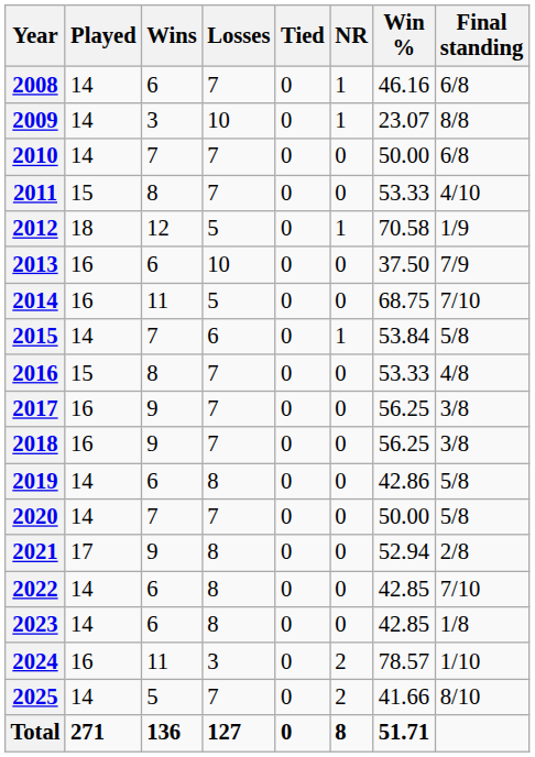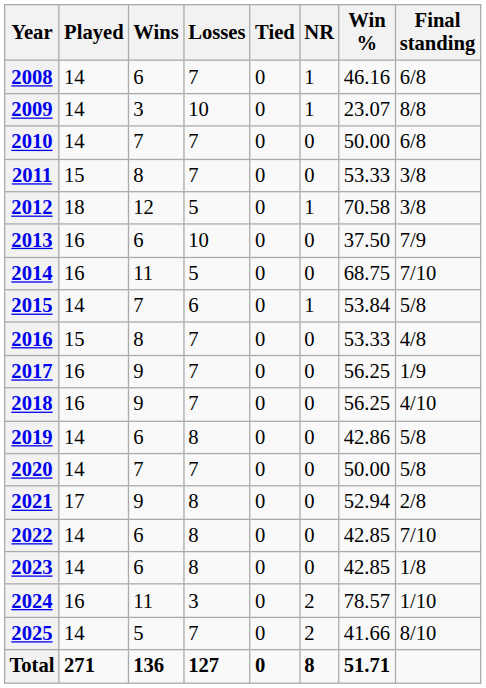 <table class="wikitable" style="width:14%;">
 <tr>
 <th>Year</th>
 <th>Played</th>
 <th>Wins</th>
 <th>Losses</th>
 <th>Tied</th>
 <th>NR</th>
 <th>Win %</th>
 <th>Final standing</th>
 </tr>
 <tr>
 <th><a href='#'>2008</a></th>
 <td>14</td>
 <td>6</td>
 <td>7</td>
 <td>0</td>
 <td>1</td>
 <td>46.16</td>
 <td>6/8</td>
 </tr>
 <tr>
 <th><a href='#'>2009</a></th>
 <td>14</td>
 <td>3</td>
 <td>10</td>
 <td>0</td>
 <td>1</td>
 <td>23.07</td>
 <td>8/8</td>
 </tr>
 <tr>
 <th><a href='#'>2010</a></th>
 <td>14</td>
 <td>7</td>
 <td>7</td>
 <td>0</td>
 <td>0</td>
 <td>50.00</td>
 <td>6/8</td>
 </tr>
 <tr>
 <th><a href='#'>2011</a></th>
 <td>15</td>
 <td>8</td>
 <td>7</td>
 <td>0</td>
 <td>0</td>
 <td>53.33</td>
-<td>4/10</td>
+<td>3/8</td>
 </tr>
 <tr>
 <th><a href='#'>2012</a></th>
 <td>18</td>
 <td>12</td>
 <td>5</td>
 <td>0</td>
 <td>1</td>
 <td>70.58</td>
-<td>1/9</td>
+<td>3/8</td>
 </tr>
 <tr>
 <th><a href='#'>2013</a></th>
 <td>16</td>
 <td>6</td>
 <td>10</td>
 <td>0</td>
 <td>0</td>
 <td>37.50</td>
 <td>7/9</td>
 </tr>
 <tr>
 <th><a href='#'>2014</a></th>
 <td>16</td>
 <td>11</td>
 <td>5</td>
 <td>0</td>
 <td>0</td>
 <td>68.75</td>
 <td>7/10</td>
 </tr>
 <tr>
 <th><a href='#'>2015</a></th>
 <td>14</td>
 <td>7</td>
 <td>6</td>
 <td>0</td>
 <td>1</td>
 <td>53.84</td>
 <td>5/8</td>
 </tr>
 <tr>
 <th><a href='#'>2016</a></th>
 <td>15</td>
 <td>8</td>
 <td>7</td>
 <td>0</td>
 <td>0</td>
 <td>53.33</td>
 <td>4/8</td>
 </tr>
 <tr>
 <th><a href='#'>2017</a></th>
 <td>16</td>
 <td>9</td>
 <td>7</td>
 <td>0</td>
 <td>0</td>
 <td>56.25</td>
-<td>3/8</td>
+<td>1/9</td>
 </tr>
 <tr>
 <th><a href='#'>2018</a></th>
 <td>16</td>
 <td>9</td>
 <td>7</td>
 <td>0</td>
 <td>0</td>
 <td>56.25</td>
-<td>3/8</td>
+<td>4/10</td>
 </tr>
 <tr>
 <th><a href='#'>2019</a></th>
 <td>14</td>
 <td>6</td>
 <td>8</td>
 <td>0</td>
 <td>0</td>
 <td>42.86</td>
 <td>5/8</td>
 </tr>
 <tr>
 <th><a href='#'>2020</a></th>
 <td>14</td>
 <td>7</td>
 <td>7</td>
 <td>0</td>
 <td>0</td>
 <td>50.00</td>
 <td>5/8</td>
 </tr>
 <tr>
 <th><a href='#'>2021</a></th>
 <td>17</td>
 <td>9</td>
 <td>8</td>
 <td>0</td>
 <td>0</td>
 <td>52.94</td>
 <td>2/8</td>
 </tr>
 <tr>
 <th><a href='#'>2022</a></th>
 <td>14</td>
 <td>6</td>
 <td>8</td>
 <td>0</td>
 <td>0</td>
 <td>42.85</td>
 <td>7/10</td>
 </tr>
 <tr>
 <th><a href='#'>2023</a></th>
 <td>14</td>
 <td>6</td>
 <td>8</td>
 <td>0</td>
 <td>0</td>
 <td>42.85</td>
 <td>1/8</td>
 </tr>
 <tr>
 <th><a href='#'>2024</a></th>
 <td>16</td>
 <td>11</td>
 <td>3</td>
 <td>0</td>
 <td>2</td>
 <td>78.57</td>
 <td>1/10</td>
 </tr>
 <tr>
 <th><a href='#'>2025</a></th>
 <td>14</td>
 <td>5</td>
 <td>7</td>
 <td>0</td>
 <td>2</td>
 <td>41.66</td>
 <td>8/10</td>
 </tr>
 <tr>
 <th>Total</th>
 <td><strong>271</strong></td>
 <td><strong>136</strong></td>
 <td><strong>127</strong></td>
 <td><strong>0</strong></td>
 <td><strong>8</strong></td>
 <td><strong>51.71</strong></td>
 </tr>
 </table>
